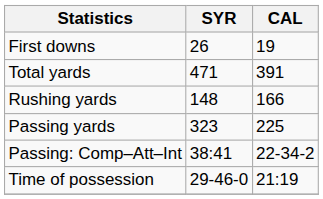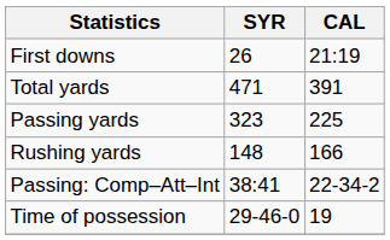 <table class="wikitable" style="float: left;">
 <tr>
 <th>Statistics</th>
 <th>SYR</th>
 <th>CAL</th>
 </tr>
 <tr>
 <td>First downs</td>
 <td>26</td>
-<td>19</td>
+<td>21:19</td>
 </tr>
 <tr>
 <td>Total yards</td>
 <td>471</td>
 <td>391</td>
 </tr>
 <tr>
+<td>Passing yards</td>
+<td>323</td>
+<td>225</td>
+</tr>
+<tr>
 <td>Rushing yards</td>
 <td>148</td>
 <td>166</td>
-</tr>
-<tr>
-<td>Passing yards</td>
-<td>323</td>
-<td>225</td>
 </tr>
 <tr>
 <td>Passing: Comp–Att–Int</td>
 <td>38:41</td>
 <td>22-34-2</td>
 </tr>
 <tr>
 <td>Time of possession</td>
 <td>29-46-0</td>
-<td>21:19</td>
+<td>19</td>
 </tr>
 <tr>
 </tr>
 </table>
